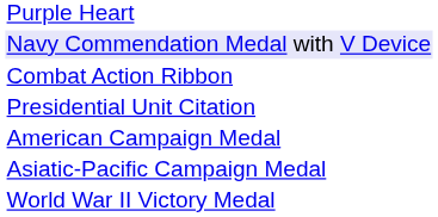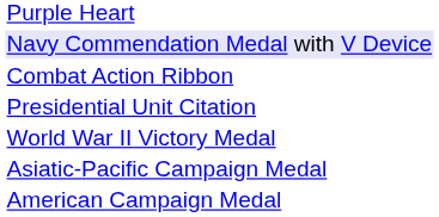 <table>
 <tr>
 <td> <a href='#'>Purple Heart</a></td>
 </tr>
 <tr>
 <td style="background: lavender;"> <a href='#'>Navy Commendation Medal</a> with <a href='#'>V Device</a></td>
 </tr>
 <tr>
 <td> <a href='#'>Combat Action Ribbon</a></td>
 </tr>
 <tr>
 <td> <a href='#'>Presidential Unit Citation</a></td>
 </tr>
 <tr>
-<td> <a href='#'>American Campaign Medal</a></td>
+<td> <a href='#'>World War II Victory Medal</a></td>
 </tr>
 <tr>
 <td> <a href='#'>Asiatic-Pacific Campaign Medal</a></td>
 </tr>
 <tr>
-<td> <a href='#'>World War II Victory Medal</a></td>
+<td> <a href='#'>American Campaign Medal</a></td>
 </tr>
 </table>
